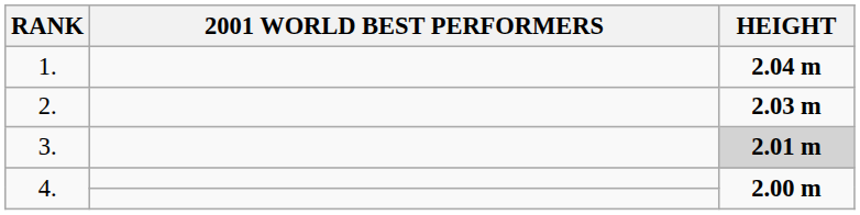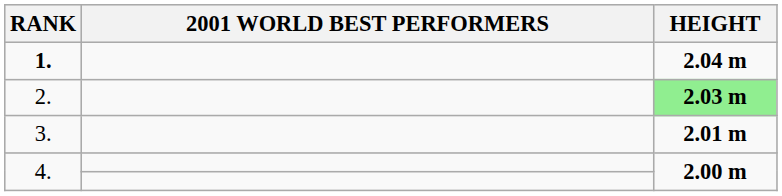 <table class="wikitable" style="border-collapse: collapse; font-size: 90%;">
 <tr>
 <th>RANK</th>
 <th align="center" style="width: 25em">2001 WORLD BEST PERFORMERS</th>
 <th align="center" style="width: 5em">HEIGHT</th>
 </tr>
 <tr>
-<td align="center">1.</td>
+<td align="center"><strong>1.</strong></td>
 <td></td>
 <td align="center"><strong>2.04 m</strong></td>
 </tr>
 <tr>
 <td align="center">2.</td>
 <td></td>
-<td align="center"><strong>2.03 m</strong></td>
+<td align="center" style="background: lightgreen;"><strong>2.03 m</strong></td>
 </tr>
 <tr>
 <td align="center">3.</td>
 <td></td>
-<td align="center" style="background: lightgrey;"><strong>2.01 m</strong></td>
+<td align="center"><strong>2.01 m</strong></td>
 </tr>
 <tr>
 <td rowspan=2 align="center">4.</td>
 <td></td>
 <td rowspan=2 align="center"><strong>2.00 m</strong></td>
 </tr>
 <tr>
 <td></td>
 </tr>
 </table>
